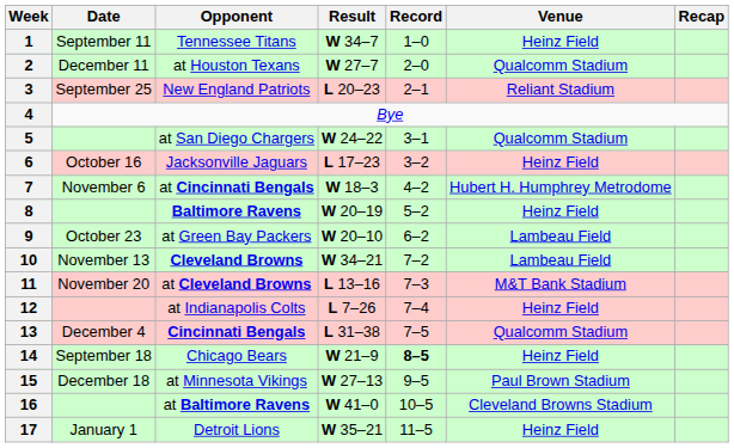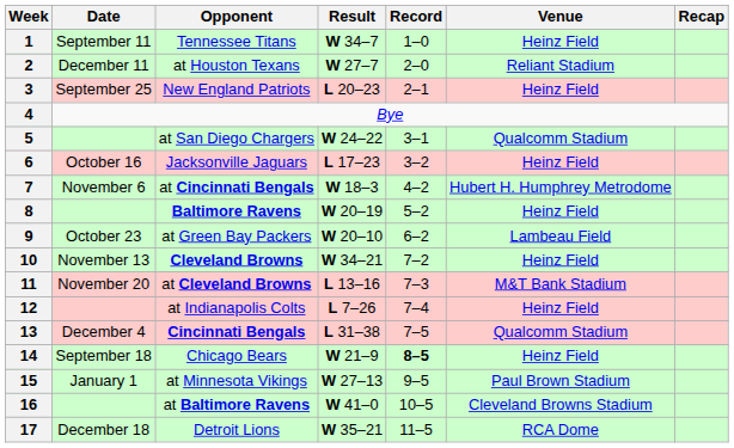 <table class="wikitable" style="text-align:center">
 <tr>
 <th>Week</th>
 <th>Date</th>
 <th>Opponent</th>
 <th>Result</th>
 <th>Record</th>
 <th>Venue</th>
 <th>Recap</th>
 </tr>
 <tr style="background: #cfc;">
 <th>1</th>
 <td>September 11</td>
 <td><a href='#'>Tennessee Titans</a></td>
 <td><strong>W</strong> 34–7</td>
 <td>1–0</td>
 <td><a href='#'>Heinz Field</a></td>
 <td></td>
 </tr>
 <tr style="background: #cfc;">
 <th>2</th>
 <td>December 11</td>
 <td>at <a href='#'>Houston Texans</a></td>
 <td><strong>W</strong> 27–7</td>
 <td>2–0</td>
-<td><a href='#'>Qualcomm Stadium</a></td>
+<td><a href='#'>Reliant Stadium</a></td>
 <td></td>
 </tr>
 <tr style="background:#fcc;">
 <th>3</th>
 <td>September 25</td>
 <td><a href='#'>New England Patriots</a></td>
 <td><strong>L</strong> 20–23</td>
 <td>2–1</td>
-<td><a href='#'>Reliant Stadium</a></td>
+<td><a href='#'>Heinz Field</a></td>
 <td></td>
 </tr>
 <tr>
 <th>4</th>
 <td colspan="8" align="center"><em><a href='#'>Bye</a></em></td>
 </tr>
 <tr style="background: #cfc;">
 <th>5</th>
 <td></td>
 <td>at <a href='#'>San Diego Chargers</a></td>
 <td><strong>W</strong> 24–22</td>
 <td>3–1</td>
 <td><a href='#'>Qualcomm Stadium</a></td>
 <td></td>
 </tr>
 <tr style="background:#fcc;">
 <th>6</th>
 <td>October 16</td>
 <td><a href='#'>Jacksonville Jaguars</a></td>
 <td><strong>L</strong> 17–23 </td>
 <td>3–2</td>
 <td><a href='#'>Heinz Field</a></td>
 <td></td>
 </tr>
 <tr style="background: #cfc;">
 <th>7</th>
 <td>November 6</td>
 <td>at <strong><a href='#'>Cincinnati Bengals</a></strong></td>
 <td><strong>W</strong> 18–3</td>
 <td>4–2</td>
 <td><a href='#'>Hubert H. Humphrey Metrodome</a></td>
 <td></td>
 </tr>
 <tr style="background: #cfc;">
 <th>8</th>
 <td></td>
 <td><strong><a href='#'>Baltimore Ravens</a></strong></td>
 <td><strong>W</strong> 20–19</td>
 <td>5–2</td>
 <td><a href='#'>Heinz Field</a></td>
 <td></td>
 </tr>
 <tr style="background: #cfc;">
 <th>9</th>
 <td>October 23</td>
 <td>at <a href='#'>Green Bay Packers</a></td>
 <td><strong>W</strong> 20–10</td>
 <td>6–2</td>
 <td><a href='#'>Lambeau Field</a></td>
 <td></td>
 </tr>
 <tr style="background: #cfc;">
 <th>10</th>
 <td>November 13</td>
 <td><strong><a href='#'>Cleveland Browns</a></strong></td>
 <td><strong>W</strong> 34–21</td>
 <td>7–2</td>
-<td><a href='#'>Lambeau Field</a></td>
+<td><a href='#'>Heinz Field</a></td>
 <td></td>
 </tr>
 <tr style="background:#fcc;">
 <th>11</th>
 <td>November 20</td>
 <td>at <strong><a href='#'>Cleveland Browns</a></strong></td>
 <td><strong>L</strong> 13–16 </td>
 <td>7–3</td>
 <td><a href='#'>M&T Bank Stadium</a></td>
 <td></td>
 </tr>
 <tr style="background:#fcc;">
 <th>12</th>
 <td></td>
 <td>at <a href='#'>Indianapolis Colts</a></td>
 <td><strong>L</strong> 7–26</td>
 <td>7–4</td>
 <td><a href='#'>Heinz Field</a></td>
 <td></td>
 </tr>
 <tr style="background:#fcc;">
 <th>13</th>
 <td>December 4</td>
 <td><strong><a href='#'>Cincinnati Bengals</a></strong></td>
 <td><strong>L</strong> 31–38</td>
 <td>7–5</td>
 <td><a href='#'>Qualcomm Stadium</a></td>
 <td></td>
 </tr>
 <tr style="background: #cfc;">
 <th>14</th>
 <td>September 18</td>
 <td><a href='#'>Chicago Bears</a></td>
 <td><strong>W</strong> 21–9</td>
 <td><strong>8–5</strong></td>
 <td><a href='#'>Heinz Field</a></td>
 <td></td>
 </tr>
 <tr style="background: #cfc;">
 <th>15</th>
-<td>December 18</td>
+<td>January 1</td>
 <td>at <a href='#'>Minnesota Vikings</a></td>
 <td><strong>W</strong> 27–13</td>
 <td>9–5</td>
 <td><a href='#'>Paul Brown Stadium</a></td>
 <td></td>
 </tr>
 <tr style="background: #cfc;">
 <th>16</th>
 <td></td>
 <td>at <strong><a href='#'>Baltimore Ravens</a></strong></td>
 <td><strong>W</strong> 41–0</td>
 <td>10–5</td>
 <td><a href='#'>Cleveland Browns Stadium</a></td>
 <td></td>
 </tr>
 <tr style="background: #cfc;">
 <th>17</th>
-<td>January 1</td>
+<td>December 18</td>
 <td><a href='#'>Detroit Lions</a></td>
 <td><strong>W</strong> 35–21</td>
 <td>11–5</td>
-<td><a href='#'>Heinz Field</a></td>
+<td><a href='#'>RCA Dome</a></td>
 <td></td>
 </tr>
 </table>
